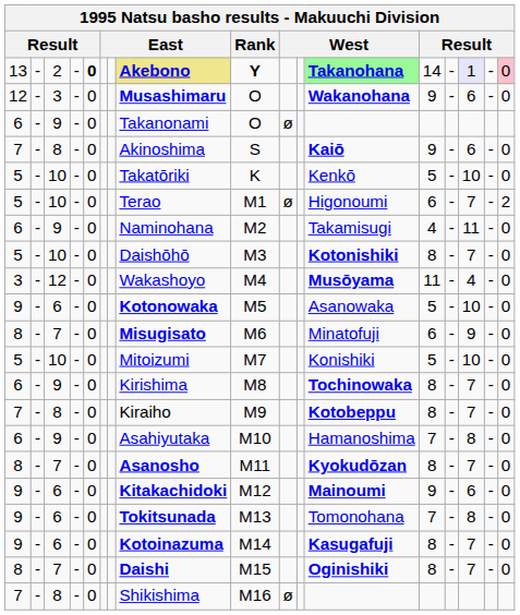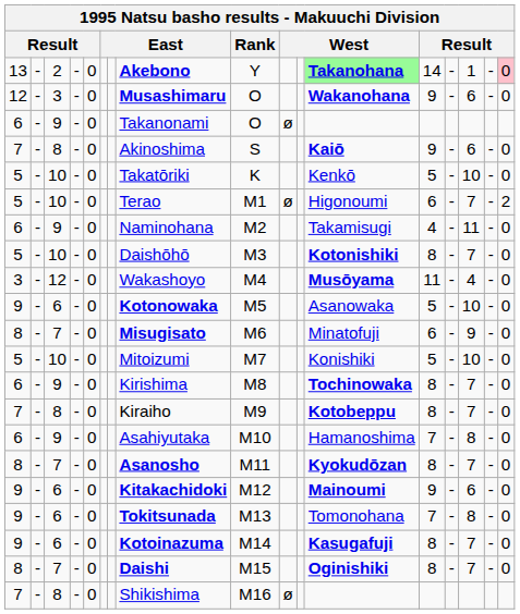 <table class="wikitable">
 <tr>
 <th colspan="17">1995 Natsu basho results - Makuuchi Division</th>
 </tr>
 <tr>
 <th colspan="5">Result</th>
 <th colspan="3">East</th>
 <th>Rank</th>
 <th colspan="3">West</th>
 <th colspan="5">Result</th>
 </tr>
 <tr>
 <td align=center>13</td>
 <td align=center>-</td>
 <td align=center>2</td>
 <td align=center>-</td>
-<td align=center><strong>0</strong></td>
+<td align=center>0</td>
 <td align=center></td>
 <td align=center></td>
-<td style="background: khaki;"><strong><a href='#'>Akebono</a></strong></td>
-<td align=center><strong>Y</strong></td>
+<td><strong><a href='#'>Akebono</a></strong></td>
+<td align=center>Y</td>
 <td align=center></td>
 <td align=center></td>
 <td style="background: PaleGreen;"><strong><a href='#'>Takanohana</a></strong></td>
 <td align=center>14</td>
 <td align=center>-</td>
-<td align=center style="background: lavender;">1</td>
+<td align=center>1</td>
 <td align=center>-</td>
 <td align=center style="background: pink;">0</td>
 </tr>
 <tr>
 <td align=center>12</td>
 <td align=center>-</td>
 <td align=center>3</td>
 <td align=center>-</td>
 <td align=center>0</td>
 <td align=center></td>
 <td align=center></td>
 <td><strong><a href='#'>Musashimaru</a></strong></td>
 <td align=center>O</td>
 <td align=center></td>
 <td align=center></td>
 <td><strong><a href='#'>Wakanohana</a></strong></td>
 <td align=center>9</td>
 <td align=center>-</td>
 <td align=center>6</td>
 <td align=center>-</td>
 <td align=center>0</td>
 </tr>
 <tr>
 <td align=center>6</td>
 <td align=center>-</td>
 <td align=center>9</td>
 <td align=center>-</td>
 <td align=center>0</td>
 <td align=center></td>
 <td align=center></td>
 <td><a href='#'>Takanonami</a></td>
 <td align=center>O</td>
 <td align=center>ø</td>
 <td align=center></td>
 <td></td>
 <td align=center></td>
 <td align=center></td>
 <td align=center></td>
 <td align=center></td>
 <td align=center></td>
 </tr>
 <tr>
 <td align=center>7</td>
 <td align=center>-</td>
 <td align=center>8</td>
 <td align=center>-</td>
 <td align=center>0</td>
 <td align=center></td>
 <td align=center></td>
 <td><a href='#'>Akinoshima</a></td>
 <td align=center>S</td>
 <td align=center></td>
 <td align=center></td>
 <td><strong><a href='#'>Kaiō</a></strong></td>
 <td align=center>9</td>
 <td align=center>-</td>
 <td align=center>6</td>
 <td align=center>-</td>
 <td align=center>0</td>
 </tr>
 <tr>
 <td align=center>5</td>
 <td align=center>-</td>
 <td align=center>10</td>
 <td align=center>-</td>
 <td align=center>0</td>
 <td align=center></td>
 <td align=center></td>
 <td><a href='#'>Takatōriki</a></td>
 <td align=center>K</td>
 <td align=center></td>
 <td align=center></td>
 <td><a href='#'>Kenkō</a></td>
 <td align=center>5</td>
 <td align=center>-</td>
 <td align=center>10</td>
 <td align=center>-</td>
 <td align=center>0</td>
 </tr>
 <tr>
 <td align=center>5</td>
 <td align=center>-</td>
 <td align=center>10</td>
 <td align=center>-</td>
 <td align=center>0</td>
 <td align=center></td>
 <td align=center></td>
 <td><a href='#'>Terao</a></td>
 <td align=center>M1</td>
 <td align=center>ø</td>
 <td align=center></td>
 <td><a href='#'>Higonoumi</a></td>
 <td align=center>6</td>
 <td align=center>-</td>
 <td align=center>7</td>
 <td align=center>-</td>
 <td align=center>2</td>
 </tr>
 <tr>
 <td align=center>6</td>
 <td align=center>-</td>
 <td align=center>9</td>
 <td align=center>-</td>
 <td align=center>0</td>
 <td align=center></td>
 <td align=center></td>
 <td><a href='#'>Naminohana</a></td>
 <td align=center>M2</td>
 <td align=center></td>
 <td align=center></td>
 <td><a href='#'>Takamisugi</a></td>
 <td align=center>4</td>
 <td align=center>-</td>
 <td align=center>11</td>
 <td align=center>-</td>
 <td align=center>0</td>
 </tr>
 <tr>
 <td align=center>5</td>
 <td align=center>-</td>
 <td align=center>10</td>
 <td align=center>-</td>
 <td align=center>0</td>
 <td align=center></td>
 <td align=center></td>
 <td><a href='#'>Daishōhō</a></td>
 <td align=center>M3</td>
 <td align=center></td>
 <td align=center></td>
 <td><strong><a href='#'>Kotonishiki</a></strong></td>
 <td align=center>8</td>
 <td align=center>-</td>
 <td align=center>7</td>
 <td align=center>-</td>
 <td align=center>0</td>
 </tr>
 <tr>
 <td align=center>3</td>
 <td align=center>-</td>
 <td align=center>12</td>
 <td align=center>-</td>
 <td align=center>0</td>
 <td align=center></td>
 <td align=center></td>
 <td><a href='#'>Wakashoyo</a></td>
 <td align=center>M4</td>
 <td align=center></td>
 <td align=center></td>
 <td><strong><a href='#'>Musōyama</a></strong></td>
 <td align=center>11</td>
 <td align=center>-</td>
 <td align=center>4</td>
 <td align=center>-</td>
 <td align=center>0</td>
 </tr>
 <tr>
 <td align=center>9</td>
 <td align=center>-</td>
 <td align=center>6</td>
 <td align=center>-</td>
 <td align=center>0</td>
 <td align=center></td>
 <td align=center></td>
 <td><strong><a href='#'>Kotonowaka</a></strong></td>
 <td align=center>M5</td>
 <td align=center></td>
 <td align=center></td>
 <td><a href='#'>Asanowaka</a></td>
 <td align=center>5</td>
 <td align=center>-</td>
 <td align=center>10</td>
 <td align=center>-</td>
 <td align=center>0</td>
 </tr>
 <tr>
 <td align=center>8</td>
 <td align=center>-</td>
 <td align=center>7</td>
 <td align=center>-</td>
 <td align=center>0</td>
 <td align=center></td>
 <td align=center></td>
 <td><strong><a href='#'>Misugisato</a></strong></td>
 <td align=center>M6</td>
 <td align=center></td>
 <td align=center></td>
 <td><a href='#'>Minatofuji</a></td>
 <td align=center>6</td>
 <td align=center>-</td>
 <td align=center>9</td>
 <td align=center>-</td>
 <td align=center>0</td>
 </tr>
 <tr>
 <td align=center>5</td>
 <td align=center>-</td>
 <td align=center>10</td>
 <td align=center>-</td>
 <td align=center>0</td>
 <td align=center></td>
 <td align=center></td>
 <td><a href='#'>Mitoizumi</a></td>
 <td align=center>M7</td>
 <td align=center></td>
 <td align=center></td>
 <td><a href='#'>Konishiki</a></td>
 <td align=center>5</td>
 <td align=center>-</td>
 <td align=center>10</td>
 <td align=center>-</td>
 <td align=center>0</td>
 </tr>
 <tr>
 <td align=center>6</td>
 <td align=center>-</td>
 <td align=center>9</td>
 <td align=center>-</td>
 <td align=center>0</td>
 <td align=center></td>
 <td align=center></td>
 <td><a href='#'>Kirishima</a></td>
 <td align=center>M8</td>
 <td align=center></td>
 <td align=center></td>
 <td><strong><a href='#'>Tochinowaka</a></strong></td>
 <td align=center>8</td>
 <td align=center>-</td>
 <td align=center>7</td>
 <td align=center>-</td>
 <td align=center>0</td>
 </tr>
 <tr>
 <td align=center>7</td>
 <td align=center>-</td>
 <td align=center>8</td>
 <td align=center>-</td>
 <td align=center>0</td>
 <td align=center></td>
 <td align=center></td>
 <td>Kiraiho</td>
 <td align=center>M9</td>
 <td align=center></td>
 <td align=center></td>
 <td><strong><a href='#'>Kotobeppu</a></strong></td>
 <td align=center>8</td>
 <td align=center>-</td>
 <td align=center>7</td>
 <td align=center>-</td>
 <td align=center>0</td>
 </tr>
 <tr>
 <td align=center>6</td>
 <td align=center>-</td>
 <td align=center>9</td>
 <td align=center>-</td>
 <td align=center>0</td>
 <td align=center></td>
 <td align=center></td>
 <td><a href='#'>Asahiyutaka</a></td>
 <td align=center>M10</td>
 <td align=center></td>
 <td align=center></td>
 <td><a href='#'>Hamanoshima</a></td>
 <td align=center>7</td>
 <td align=center>-</td>
 <td align=center>8</td>
 <td align=center>-</td>
 <td align=center>0</td>
 </tr>
 <tr>
 <td align=center>8</td>
 <td align=center>-</td>
 <td align=center>7</td>
 <td align=center>-</td>
 <td align=center>0</td>
 <td align=center></td>
 <td align=center></td>
 <td><strong><a href='#'>Asanosho</a></strong></td>
 <td align=center>M11</td>
 <td align=center></td>
 <td align=center></td>
 <td><strong><a href='#'>Kyokudōzan</a></strong></td>
 <td align=center>8</td>
 <td align=center>-</td>
 <td align=center>7</td>
 <td align=center>-</td>
 <td align=center>0</td>
 </tr>
 <tr>
 <td align=center>9</td>
 <td align=center>-</td>
 <td align=center>6</td>
 <td align=center>-</td>
 <td align=center>0</td>
 <td align=center></td>
 <td align=center></td>
 <td><strong><a href='#'>Kitakachidoki</a></strong></td>
 <td align=center>M12</td>
 <td align=center></td>
 <td align=center></td>
 <td><strong><a href='#'>Mainoumi</a></strong></td>
 <td align=center>9</td>
 <td align=center>-</td>
 <td align=center>6</td>
 <td align=center>-</td>
 <td align=center>0</td>
 </tr>
 <tr>
 <td align=center>9</td>
 <td align=center>-</td>
 <td align=center>6</td>
 <td align=center>-</td>
 <td align=center>0</td>
 <td align=center></td>
 <td align=center></td>
 <td><strong><a href='#'>Tokitsunada</a></strong></td>
 <td align=center>M13</td>
 <td align=center></td>
 <td align=center></td>
 <td><a href='#'>Tomonohana</a></td>
 <td align=center>7</td>
 <td align=center>-</td>
 <td align=center>8</td>
 <td align=center>-</td>
 <td align=center>0</td>
 </tr>
 <tr>
 <td align=center>9</td>
 <td align=center>-</td>
 <td align=center>6</td>
 <td align=center>-</td>
 <td align=center>0</td>
 <td align=center></td>
 <td align=center></td>
 <td><strong><a href='#'>Kotoinazuma</a></strong></td>
 <td align=center>M14</td>
 <td align=center></td>
 <td align=center></td>
 <td><strong><a href='#'>Kasugafuji</a></strong></td>
 <td align=center>8</td>
 <td align=center>-</td>
 <td align=center>7</td>
 <td align=center>-</td>
 <td align=center>0</td>
 </tr>
 <tr>
 <td align=center>8</td>
 <td align=center>-</td>
 <td align=center>7</td>
 <td align=center>-</td>
 <td align=center>0</td>
 <td align=center></td>
 <td align=center></td>
 <td><strong><a href='#'>Daishi</a></strong></td>
 <td align=center>M15</td>
 <td align=center></td>
 <td align=center></td>
 <td><strong><a href='#'>Oginishiki</a></strong></td>
 <td align=center>8</td>
 <td align=center>-</td>
 <td align=center>7</td>
 <td align=center>-</td>
 <td align=center>0</td>
 </tr>
 <tr>
 <td align=center>7</td>
 <td align=center>-</td>
 <td align=center>8</td>
 <td align=center>-</td>
 <td align=center>0</td>
 <td align=center></td>
 <td align=center></td>
 <td><a href='#'>Shikishima</a></td>
 <td align=center>M16</td>
 <td align=center>ø</td>
 <td align=center></td>
 <td></td>
 <td align=center></td>
 <td align=center></td>
 <td align=center></td>
 <td align=center></td>
 <td align=center></td>
 </tr>
 </table>
